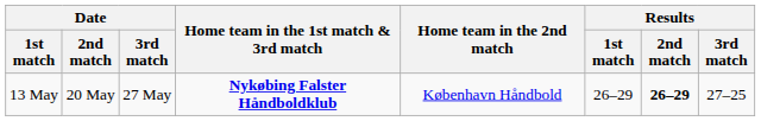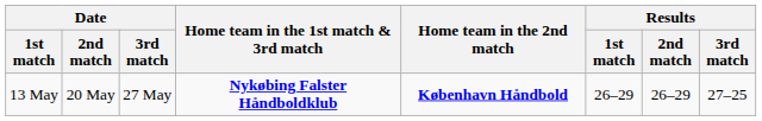 <table class="wikitable" style="text-align:center; margin-left:1em;">
 <tr>
 <th colspan="3">Date</th>
 <th rowspan="2" style="width:220px;">Home team in the 1st match & 3rd match</th>
 <th rowspan="2" style="width:180px;">Home team in the 2nd match</th>
 <th colspan="3">Results</th>
 </tr>
 <tr>
 <th style="width:50px;">1st match</th>
 <th style="width:50px;">2nd match</th>
 <th style="width:50px;">3rd match</th>
 <th style="width:50px;">1st match</th>
 <th style="width:50px;">2nd match</th>
 <th style="width:50px;">3rd match</th>
 </tr>
 <tr>
 <td>13 May</td>
 <td>20 May</td>
 <td>27 May</td>
 <td><strong><a href='#'>Nykøbing Falster Håndboldklub</a></strong></td>
-<td><a href='#'>København Håndbold</a></td>
+<td><strong><a href='#'>København Håndbold</a></strong></td>
 <td>26–29</td>
-<td><strong>26–29</strong></td>
+<td>26–29</td>
 <td>27–25</td>
 </tr>
 </table>
